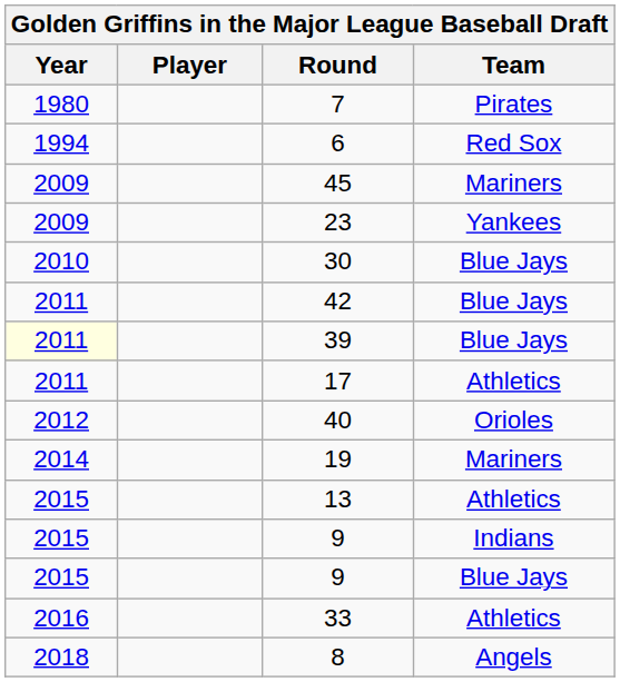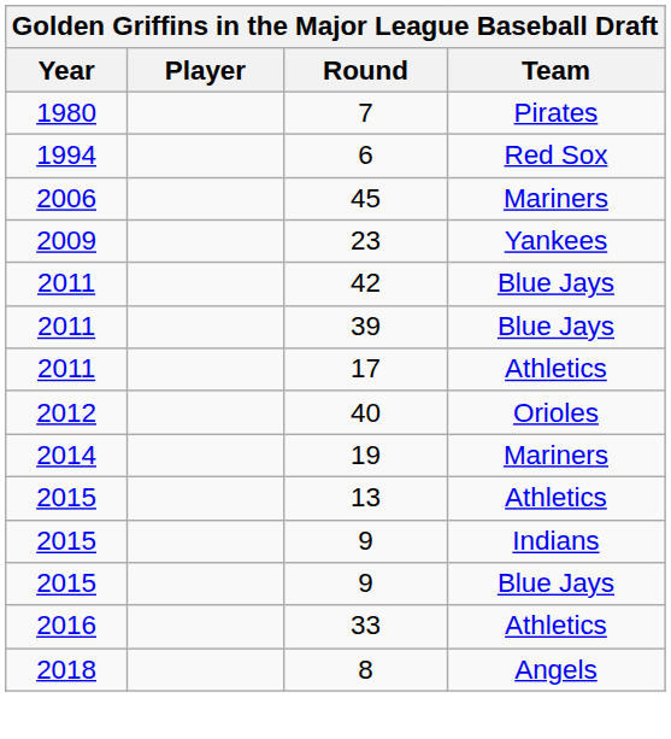 <table class="wikitable sortable collapsible collapsed" style="text-align:center">
 <tr>
 <th colspan=4>Golden Griffins in the Major League Baseball Draft</th>
 </tr>
 <tr>
 <th>Year</th>
 <th>Player</th>
 <th>Round</th>
 <th>Team</th>
 </tr>
 <tr>
 <td><a href='#'>1980</a></td>
 <td></td>
 <td>7</td>
 <td><a href='#'>Pirates</a></td>
 </tr>
 <tr>
 <td><a href='#'>1994</a></td>
 <td></td>
 <td>6</td>
 <td><a href='#'>Red Sox</a></td>
 </tr>
 <tr>
-<td><a href='#'>2009</a></td>
+<td><a href='#'>2006</a></td>
 <td></td>
 <td>45</td>
 <td><a href='#'>Mariners</a></td>
 </tr>
 <tr>
 <td><a href='#'>2009</a></td>
 <td></td>
 <td>23</td>
 <td><a href='#'>Yankees</a></td>
 </tr>
 <tr>
-<td><a href='#'>2010</a></td>
-<td></td>
-<td>30</td>
-<td><a href='#'>Blue Jays</a></td>
-</tr>
-<tr>
 <td><a href='#'>2011</a></td>
 <td></td>
 <td>42</td>
 <td><a href='#'>Blue Jays</a></td>
 </tr>
 <tr>
-<td style="background: lightyellow;"><a href='#'>2011</a></td>
+<td><a href='#'>2011</a></td>
 <td></td>
 <td>39</td>
 <td><a href='#'>Blue Jays</a></td>
 </tr>
 <tr valign="center">
 <td><a href='#'>2011</a></td>
 <td></td>
 <td>17</td>
 <td><a href='#'>Athletics</a></td>
 </tr>
 <tr>
 <td><a href='#'>2012</a></td>
 <td></td>
 <td>40</td>
 <td><a href='#'>Orioles</a></td>
 </tr>
 <tr>
 <td><a href='#'>2014</a></td>
 <td></td>
 <td>19</td>
 <td><a href='#'>Mariners</a></td>
 </tr>
 <tr>
 <td><a href='#'>2015</a></td>
 <td></td>
 <td>13</td>
 <td><a href='#'>Athletics</a></td>
 </tr>
 <tr>
 <td><a href='#'>2015</a></td>
 <td></td>
 <td>9</td>
 <td><a href='#'>Indians</a></td>
 </tr>
 <tr>
 <td><a href='#'>2015</a></td>
 <td></td>
 <td>9</td>
 <td><a href='#'>Blue Jays</a></td>
 </tr>
 <tr>
 <td><a href='#'>2016</a></td>
 <td></td>
 <td>33</td>
 <td><a href='#'>Athletics</a></td>
 </tr>
 <tr>
 <td><a href='#'>2018</a></td>
 <td></td>
 <td>8</td>
 <td><a href='#'>Angels</a></td>
 </tr>
 </table>
